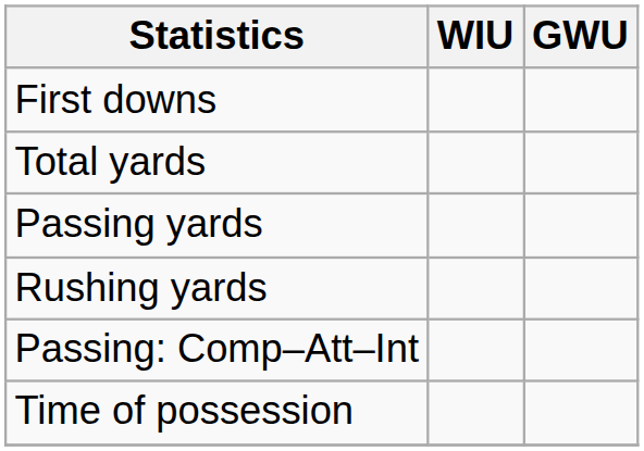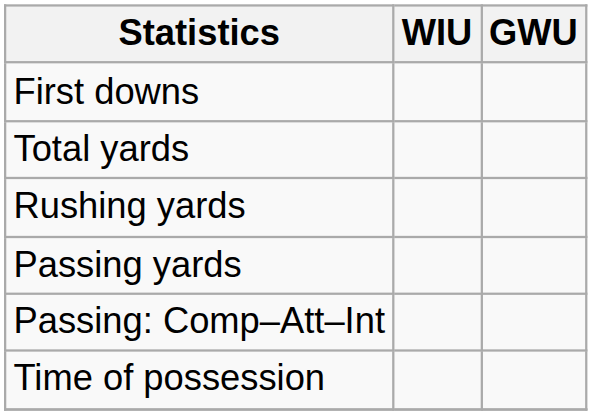 <table class="wikitable" style="float: left;">
 <tr>
 <th>Statistics</th>
 <th>WIU</th>
 <th>GWU</th>
 </tr>
 <tr>
 <td>First downs</td>
 <td></td>
 <td></td>
 </tr>
 <tr>
 <td>Total yards</td>
 <td></td>
 <td></td>
 </tr>
 <tr>
-<td>Passing yards</td>
+<td>Rushing yards</td>
 <td></td>
 <td></td>
 </tr>
 <tr>
-<td>Rushing yards</td>
+<td>Passing yards</td>
 <td></td>
 <td></td>
 </tr>
 <tr>
 <td>Passing: Comp–Att–Int</td>
 <td></td>
 <td></td>
 </tr>
 <tr>
 <td>Time of possession</td>
 <td></td>
 <td></td>
 </tr>
 <tr>
 </tr>
 </table>
